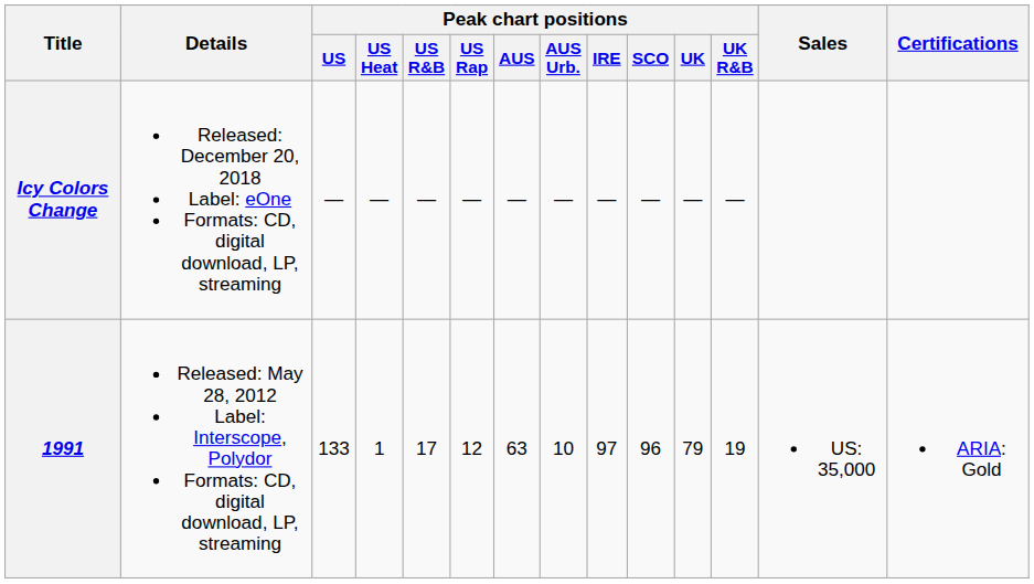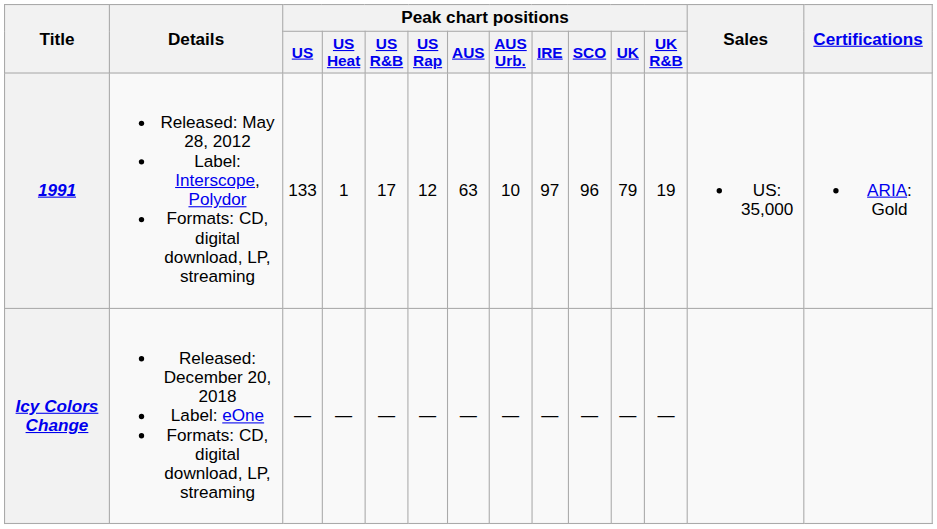 <table class="wikitable plainrowheaders" style="text-align:center;">
 <tr>
 <th scope="col" rowspan="2" style="width:15em;">Title</th>
 <th scope="col" rowspan="2" style="width:20em;">Details</th>
 <th scope="col" colspan="10">Peak chart positions</th>
 <th scope="col" rowspan="2" style="width:10em;">Sales</th>
 <th scope="col" rowspan="2" style="width:10em;"><a href='#'>Certifications</a></th>
 </tr>
 <tr>
 <th scope="col" style="width:3em;font-size:90%;"><a href='#'>US</a><br></th>
 <th scope="col" style="width:3em;font-size:90%;"><a href='#'>US<br>Heat</a><br></th>
 <th scope="col" style="width:3em;font-size:90%;"><a href='#'>US<br>R&B</a><br></th>
 <th scope="col" style="width:3em;font-size:90%;"><a href='#'>US<br>Rap</a><br></th>
 <th scope="col" style="width:3em;font-size:90%;"><a href='#'>AUS</a><br></th>
 <th scope="col" style="width:3em;font-size:90%;"><a href='#'>AUS Urb.</a><br></th>
 <th scope="col" style="width:3em;font-size:90%;"><a href='#'>IRE</a><br></th>
 <th scope="col" style="width:3em;font-size:90%;"><a href='#'>SCO</a><br></th>
 <th scope="col" style="width:3em;font-size:90%;"><a href='#'>UK</a><br></th>
 <th scope="col" style="width:3em;font-size:90%;"><a href='#'>UK<br>R&B</a><br></th>
 </tr>
 <tr>
+<th scope="row"><em><a href='#'>1991</a></em></th>
+<td><br><ul><li>Released: May 28, 2012</li><li>Label: <a href='#'>Interscope</a>, <a href='#'>Polydor</a></li><li>Formats: CD, digital download, LP, streaming</li></ul></td>
+<td>133</td>
+<td>1</td>
+<td>17</td>
+<td>12</td>
+<td>63</td>
+<td>10</td>
+<td>97</td>
+<td>96</td>
+<td>79</td>
+<td>19</td>
+<td><br><ul><li>US: 35,000</li></ul></td>
+<td><br><ul><li><a href='#'>ARIA</a>: Gold</li></ul></td>
+</tr>
+<tr>
 <th scope="row"><em><a href='#'>Icy Colors Change</a></em></th>
 <td><br><ul><li>Released: December 20, 2018</li><li>Label: <a href='#'>eOne</a></li><li>Formats: CD, digital download, LP, streaming</li></ul></td>
 <td>—</td>
 <td>—</td>
 <td>—</td>
 <td>—</td>
 <td>—</td>
 <td>—</td>
 <td>—</td>
 <td>—</td>
 <td>—</td>
 <td>—</td>
 <td></td>
 <td></td>
 </tr>
-<tr>
-<th scope="row"><em><a href='#'>1991</a></em></th>
-<td><br><ul><li>Released: May 28, 2012</li><li>Label: <a href='#'>Interscope</a>, <a href='#'>Polydor</a></li><li>Formats: CD, digital download, LP, streaming</li></ul></td>
-<td>133</td>
-<td>1</td>
-<td>17</td>
-<td>12</td>
-<td>63</td>
-<td>10</td>
-<td>97</td>
-<td>96</td>
-<td>79</td>
-<td>19</td>
-<td><br><ul><li>US: 35,000</li></ul></td>
-<td><br><ul><li><a href='#'>ARIA</a>: Gold</li></ul></td>
-</tr>
 </table>
